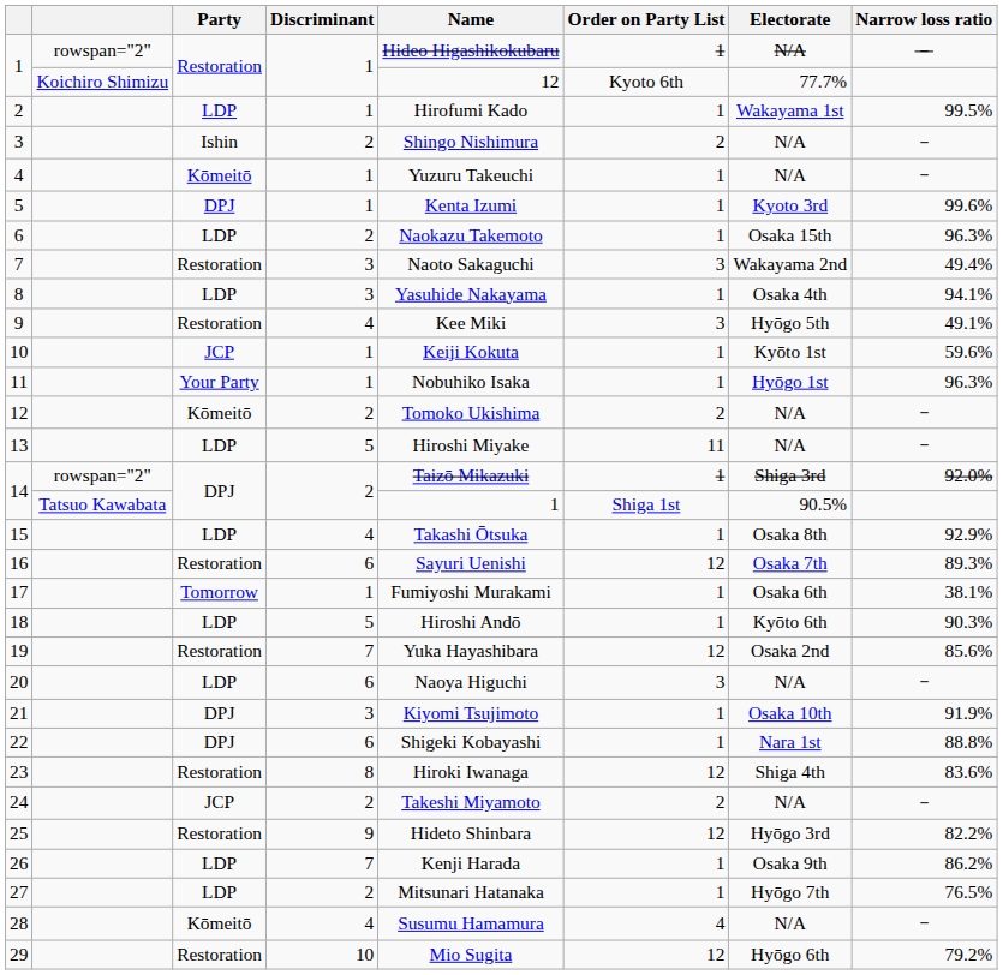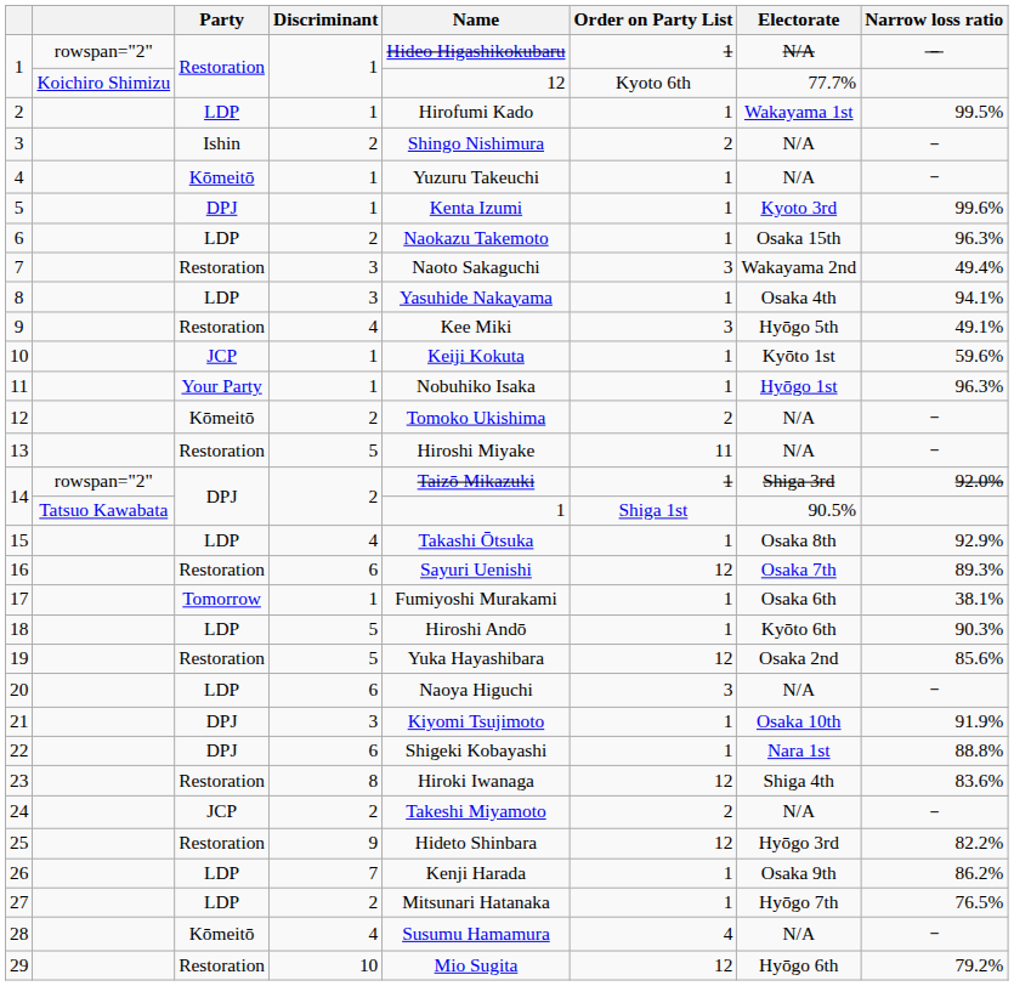 <table class="wikitable sortable" style="text-align:center;">
 <tr>
 <th></th>
 <th></th>
 <th>Party</th>
 <th>Discriminant</th>
 <th>Name</th>
 <th>Order on Party List</th>
 <th>Electorate</th>
 <th>Narrow loss ratio</th>
 </tr>
 <tr>
 <td rowspan="2">1</td>
 <td>rowspan="2" </td>
 <td rowspan="2"><a href='#'>Restoration</a></td>
 <td rowspan="2" style="text-align: right;">1</td>
 <td><del><a href='#'>Hideo Higashikokubaru</a></del></td>
 <td style="text-align: right;"><del>1</del></td>
 <td><del>N/A</del></td>
 <td><del>－</del></td>
 </tr>
 <tr>
 <td><a href='#'>Koichiro Shimizu</a></td>
 <td style="text-align: right;">12</td>
 <td>Kyoto 6th</td>
 <td style="text-align: right;">77.7%</td>
 </tr>
 <tr>
 <td>2</td>
 <td></td>
 <td><a href='#'>LDP</a></td>
 <td style="text-align: right;">1</td>
 <td>Hirofumi Kado</td>
 <td style="text-align: right;">1</td>
 <td><a href='#'>Wakayama 1st</a></td>
 <td style="text-align: right;">99.5%</td>
 </tr>
 <tr>
 <td>3</td>
 <td></td>
 <td>Ishin</td>
 <td style="text-align: right;">2</td>
 <td><a href='#'>Shingo Nishimura</a></td>
 <td style="text-align: right;">2</td>
 <td>N/A</td>
 <td>－</td>
 </tr>
 <tr>
 <td>4</td>
 <td></td>
 <td><a href='#'>Kōmeitō</a></td>
 <td style="text-align: right;">1</td>
 <td>Yuzuru Takeuchi</td>
 <td style="text-align: right;">1</td>
 <td>N/A</td>
 <td>－</td>
 </tr>
 <tr>
 <td>5</td>
 <td></td>
 <td><a href='#'>DPJ</a></td>
 <td style="text-align: right;">1</td>
 <td><a href='#'>Kenta Izumi</a></td>
 <td style="text-align: right;">1</td>
 <td><a href='#'>Kyoto 3rd</a></td>
 <td style="text-align: right;">99.6%</td>
 </tr>
 <tr>
 <td>6</td>
 <td></td>
 <td>LDP</td>
 <td style="text-align: right;">2</td>
 <td><a href='#'>Naokazu Takemoto</a></td>
 <td style="text-align: right;">1</td>
 <td>Osaka 15th</td>
 <td style="text-align: right;">96.3%</td>
 </tr>
 <tr>
 <td>7</td>
 <td></td>
 <td>Restoration</td>
 <td style="text-align: right;">3</td>
 <td>Naoto Sakaguchi</td>
 <td style="text-align: right;">3</td>
 <td>Wakayama 2nd</td>
 <td style="text-align: right;">49.4%</td>
 </tr>
 <tr>
 <td>8</td>
 <td></td>
 <td>LDP</td>
 <td style="text-align: right;">3</td>
 <td><a href='#'>Yasuhide Nakayama</a></td>
 <td style="text-align: right;">1</td>
 <td>Osaka 4th</td>
 <td style="text-align: right;">94.1%</td>
 </tr>
 <tr>
 <td>9</td>
 <td></td>
 <td>Restoration</td>
 <td style="text-align: right;">4</td>
 <td>Kee Miki</td>
 <td style="text-align: right;">3</td>
 <td>Hyōgo 5th</td>
 <td style="text-align: right;">49.1%</td>
 </tr>
 <tr>
 <td>10</td>
 <td></td>
 <td><a href='#'>JCP</a></td>
 <td style="text-align: right;">1</td>
 <td><a href='#'>Keiji Kokuta</a></td>
 <td style="text-align: right;">1</td>
 <td>Kyōto 1st</td>
 <td style="text-align: right;">59.6%</td>
 </tr>
 <tr>
 <td>11</td>
 <td></td>
 <td><a href='#'>Your Party</a></td>
 <td style="text-align: right;">1</td>
 <td>Nobuhiko Isaka</td>
 <td style="text-align: right;">1</td>
 <td><a href='#'>Hyōgo 1st</a></td>
 <td style="text-align: right;">96.3%</td>
 </tr>
 <tr>
 <td>12</td>
 <td></td>
 <td>Kōmeitō</td>
 <td style="text-align: right;">2</td>
 <td><a href='#'>Tomoko Ukishima</a></td>
 <td style="text-align: right;">2</td>
 <td>N/A</td>
 <td>－</td>
 </tr>
 <tr>
 <td>13</td>
 <td></td>
-<td>LDP</td>
+<td>Restoration</td>
 <td style="text-align: right;">5</td>
 <td>Hiroshi Miyake</td>
 <td style="text-align: right;">11</td>
 <td>N/A</td>
 <td>－</td>
 </tr>
 <tr>
 <td rowspan="2">14</td>
 <td>rowspan="2" </td>
 <td rowspan="2">DPJ</td>
 <td rowspan="2" style="text-align: right;">2</td>
 <td><del><a href='#'>Taizō Mikazuki</a></del></td>
 <td style="text-align: right;"><del>1</del></td>
 <td><del>Shiga 3rd</del></td>
 <td style="text-align: right;"><del>92.0%</del></td>
 </tr>
 <tr>
 <td><a href='#'>Tatsuo Kawabata</a></td>
 <td style="text-align: right;">1</td>
 <td><a href='#'>Shiga 1st</a></td>
 <td style="text-align: right;">90.5%</td>
 </tr>
 <tr>
 <td>15</td>
 <td></td>
 <td>LDP</td>
 <td style="text-align: right;">4</td>
 <td><a href='#'>Takashi Ōtsuka</a></td>
 <td style="text-align: right;">1</td>
 <td>Osaka 8th</td>
 <td style="text-align: right;">92.9%</td>
 </tr>
 <tr>
 <td>16</td>
 <td></td>
 <td>Restoration</td>
 <td style="text-align: right;">6</td>
 <td><a href='#'>Sayuri Uenishi</a></td>
 <td style="text-align: right;">12</td>
 <td><a href='#'>Osaka 7th</a></td>
 <td style="text-align: right;">89.3%</td>
 </tr>
 <tr>
 <td>17</td>
 <td></td>
 <td><a href='#'>Tomorrow</a></td>
 <td style="text-align: right;">1</td>
 <td>Fumiyoshi Murakami</td>
 <td style="text-align: right;">1</td>
 <td>Osaka 6th</td>
 <td style="text-align: right;">38.1%</td>
 </tr>
 <tr>
 <td>18</td>
 <td></td>
 <td>LDP</td>
 <td style="text-align: right;">5</td>
 <td>Hiroshi Andō</td>
 <td style="text-align: right;">1</td>
 <td>Kyōto 6th</td>
 <td style="text-align: right;">90.3%</td>
 </tr>
 <tr>
 <td>19</td>
 <td></td>
 <td>Restoration</td>
-<td style="text-align: right;">7</td>
+<td style="text-align: right;">5</td>
 <td>Yuka Hayashibara</td>
 <td style="text-align: right;">12</td>
 <td>Osaka 2nd</td>
 <td style="text-align: right;">85.6%</td>
 </tr>
 <tr>
 <td>20</td>
 <td></td>
 <td>LDP</td>
 <td style="text-align: right;">6</td>
 <td>Naoya Higuchi</td>
 <td style="text-align: right;">3</td>
 <td>N/A</td>
 <td>－</td>
 </tr>
 <tr>
 <td>21</td>
 <td></td>
 <td>DPJ</td>
 <td style="text-align: right;">3</td>
 <td><a href='#'>Kiyomi Tsujimoto</a></td>
 <td style="text-align: right;">1</td>
 <td><a href='#'>Osaka 10th</a></td>
 <td style="text-align: right;">91.9%</td>
 </tr>
 <tr>
 <td>22</td>
 <td></td>
 <td>DPJ</td>
 <td style="text-align: right;">6</td>
 <td>Shigeki Kobayashi</td>
 <td style="text-align: right;">1</td>
 <td><a href='#'>Nara 1st</a></td>
 <td style="text-align: right;">88.8%</td>
 </tr>
 <tr>
 <td>23</td>
 <td></td>
 <td>Restoration</td>
 <td style="text-align: right;">8</td>
 <td>Hiroki Iwanaga</td>
 <td style="text-align: right;">12</td>
 <td>Shiga 4th</td>
 <td style="text-align: right;">83.6%</td>
 </tr>
 <tr>
 <td>24</td>
 <td></td>
 <td>JCP</td>
 <td style="text-align: right;">2</td>
 <td><a href='#'>Takeshi Miyamoto</a></td>
 <td style="text-align: right;">2</td>
 <td>N/A</td>
 <td>－</td>
 </tr>
 <tr>
 <td>25</td>
 <td></td>
 <td>Restoration</td>
 <td style="text-align: right;">9</td>
 <td>Hideto Shinbara</td>
 <td style="text-align: right;">12</td>
 <td>Hyōgo 3rd</td>
 <td style="text-align: right;">82.2%</td>
 </tr>
 <tr>
 <td>26</td>
 <td></td>
 <td>LDP</td>
 <td style="text-align: right;">7</td>
 <td>Kenji Harada</td>
 <td style="text-align: right;">1</td>
 <td>Osaka 9th</td>
 <td style="text-align: right;">86.2%</td>
 </tr>
 <tr>
 <td>27</td>
 <td></td>
 <td>LDP</td>
 <td style="text-align: right;">2</td>
 <td>Mitsunari Hatanaka</td>
 <td style="text-align: right;">1</td>
 <td>Hyōgo 7th</td>
 <td style="text-align: right;">76.5%</td>
 </tr>
 <tr>
 <td>28</td>
 <td></td>
 <td>Kōmeitō</td>
 <td style="text-align: right;">4</td>
 <td><a href='#'>Susumu Hamamura</a></td>
 <td style="text-align: right;">4</td>
 <td>N/A</td>
 <td>－</td>
 </tr>
 <tr>
 <td>29</td>
 <td></td>
 <td>Restoration</td>
 <td style="text-align: right;">10</td>
 <td><a href='#'>Mio Sugita</a></td>
 <td style="text-align: right;">12</td>
 <td>Hyōgo 6th</td>
 <td style="text-align: right;">79.2%</td>
 </tr>
 </table>
